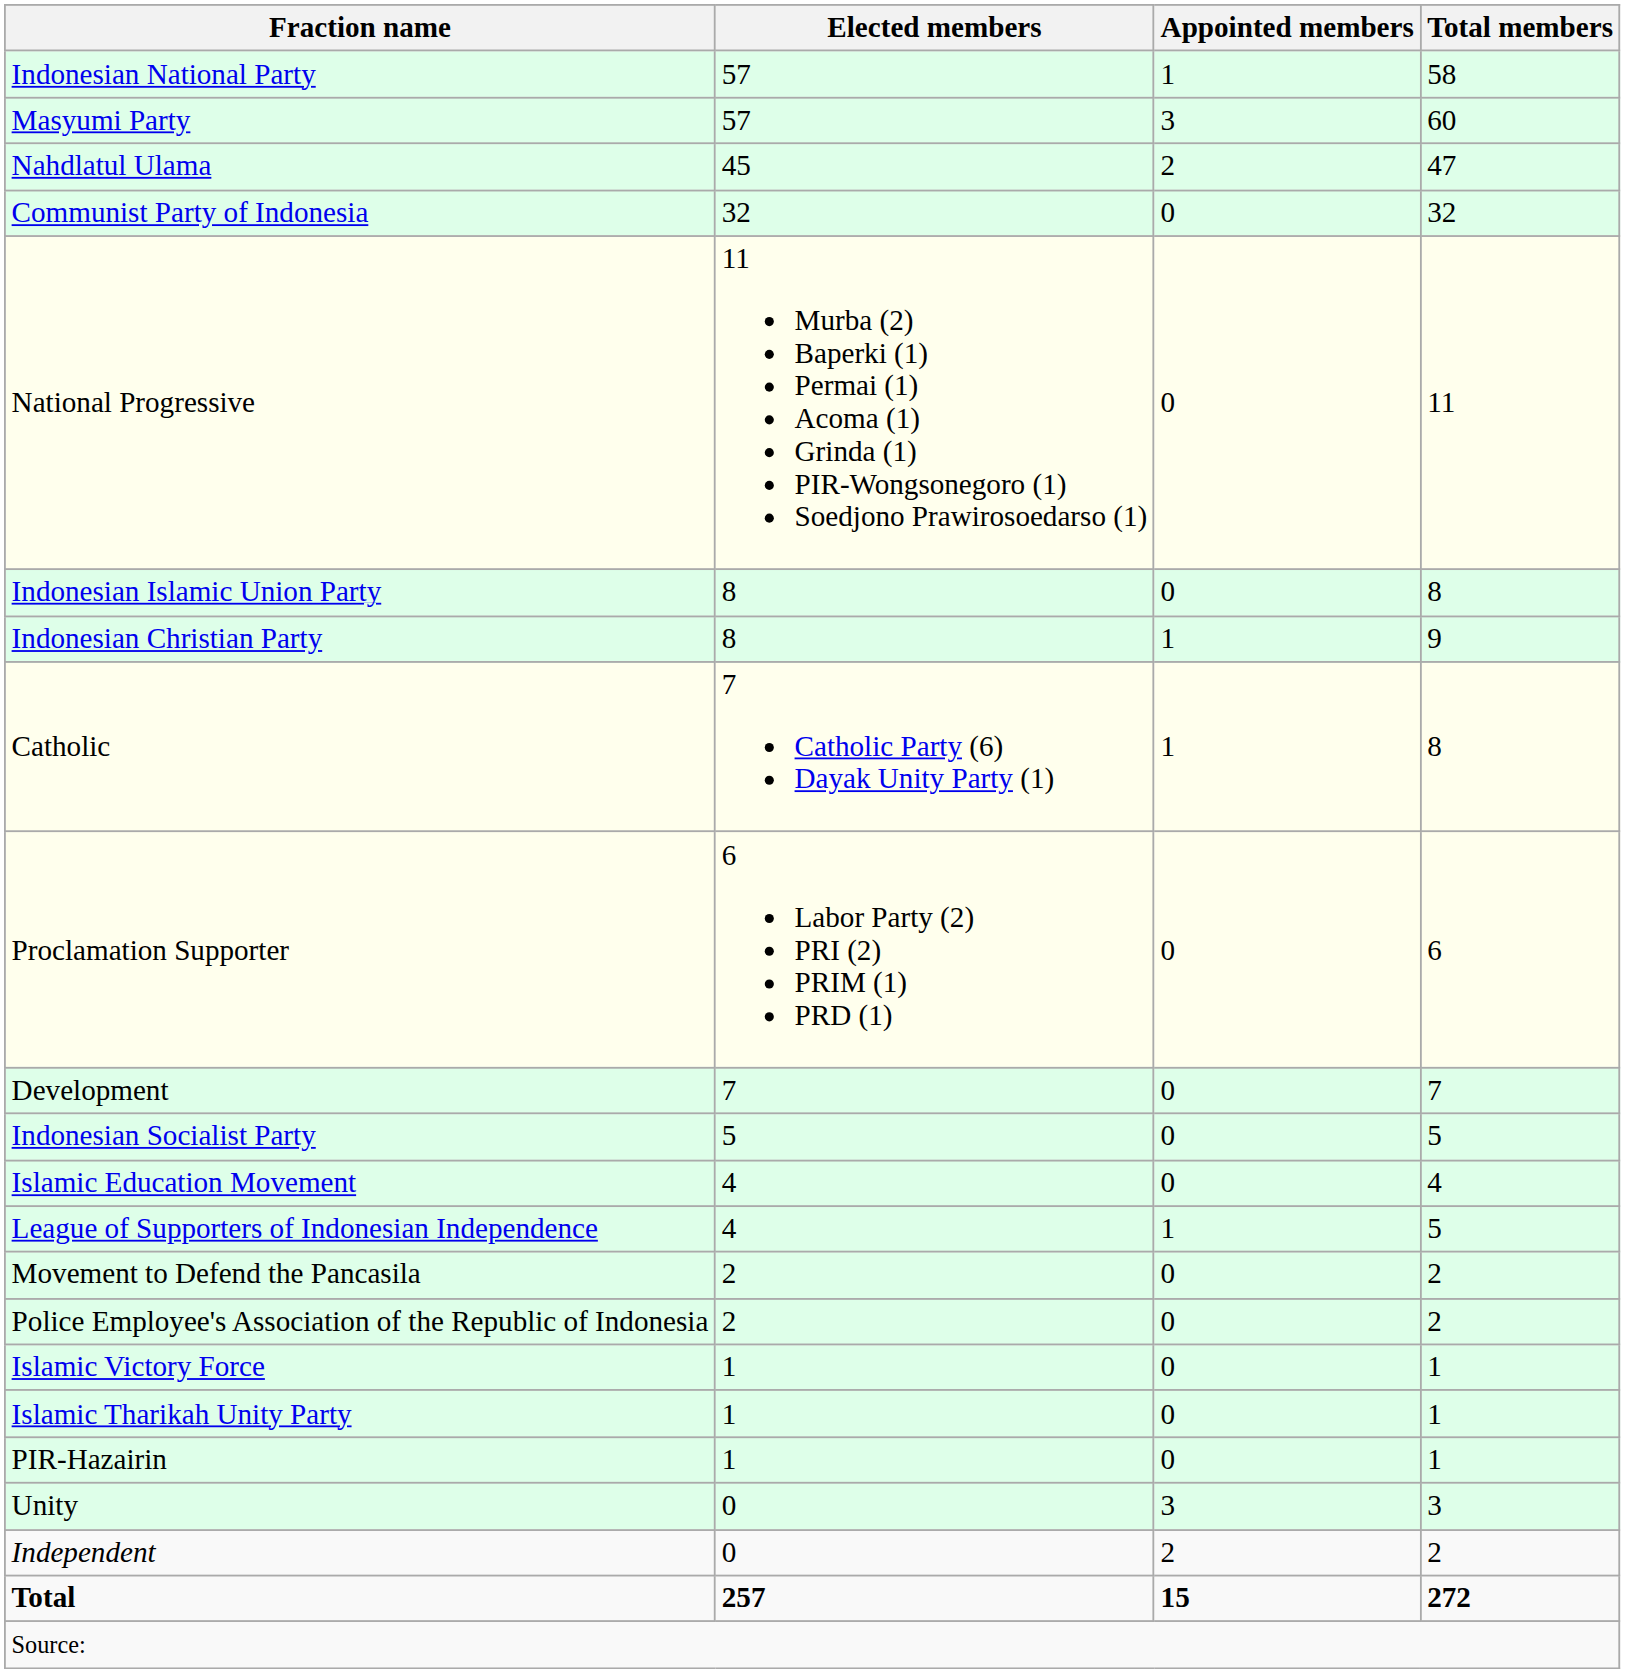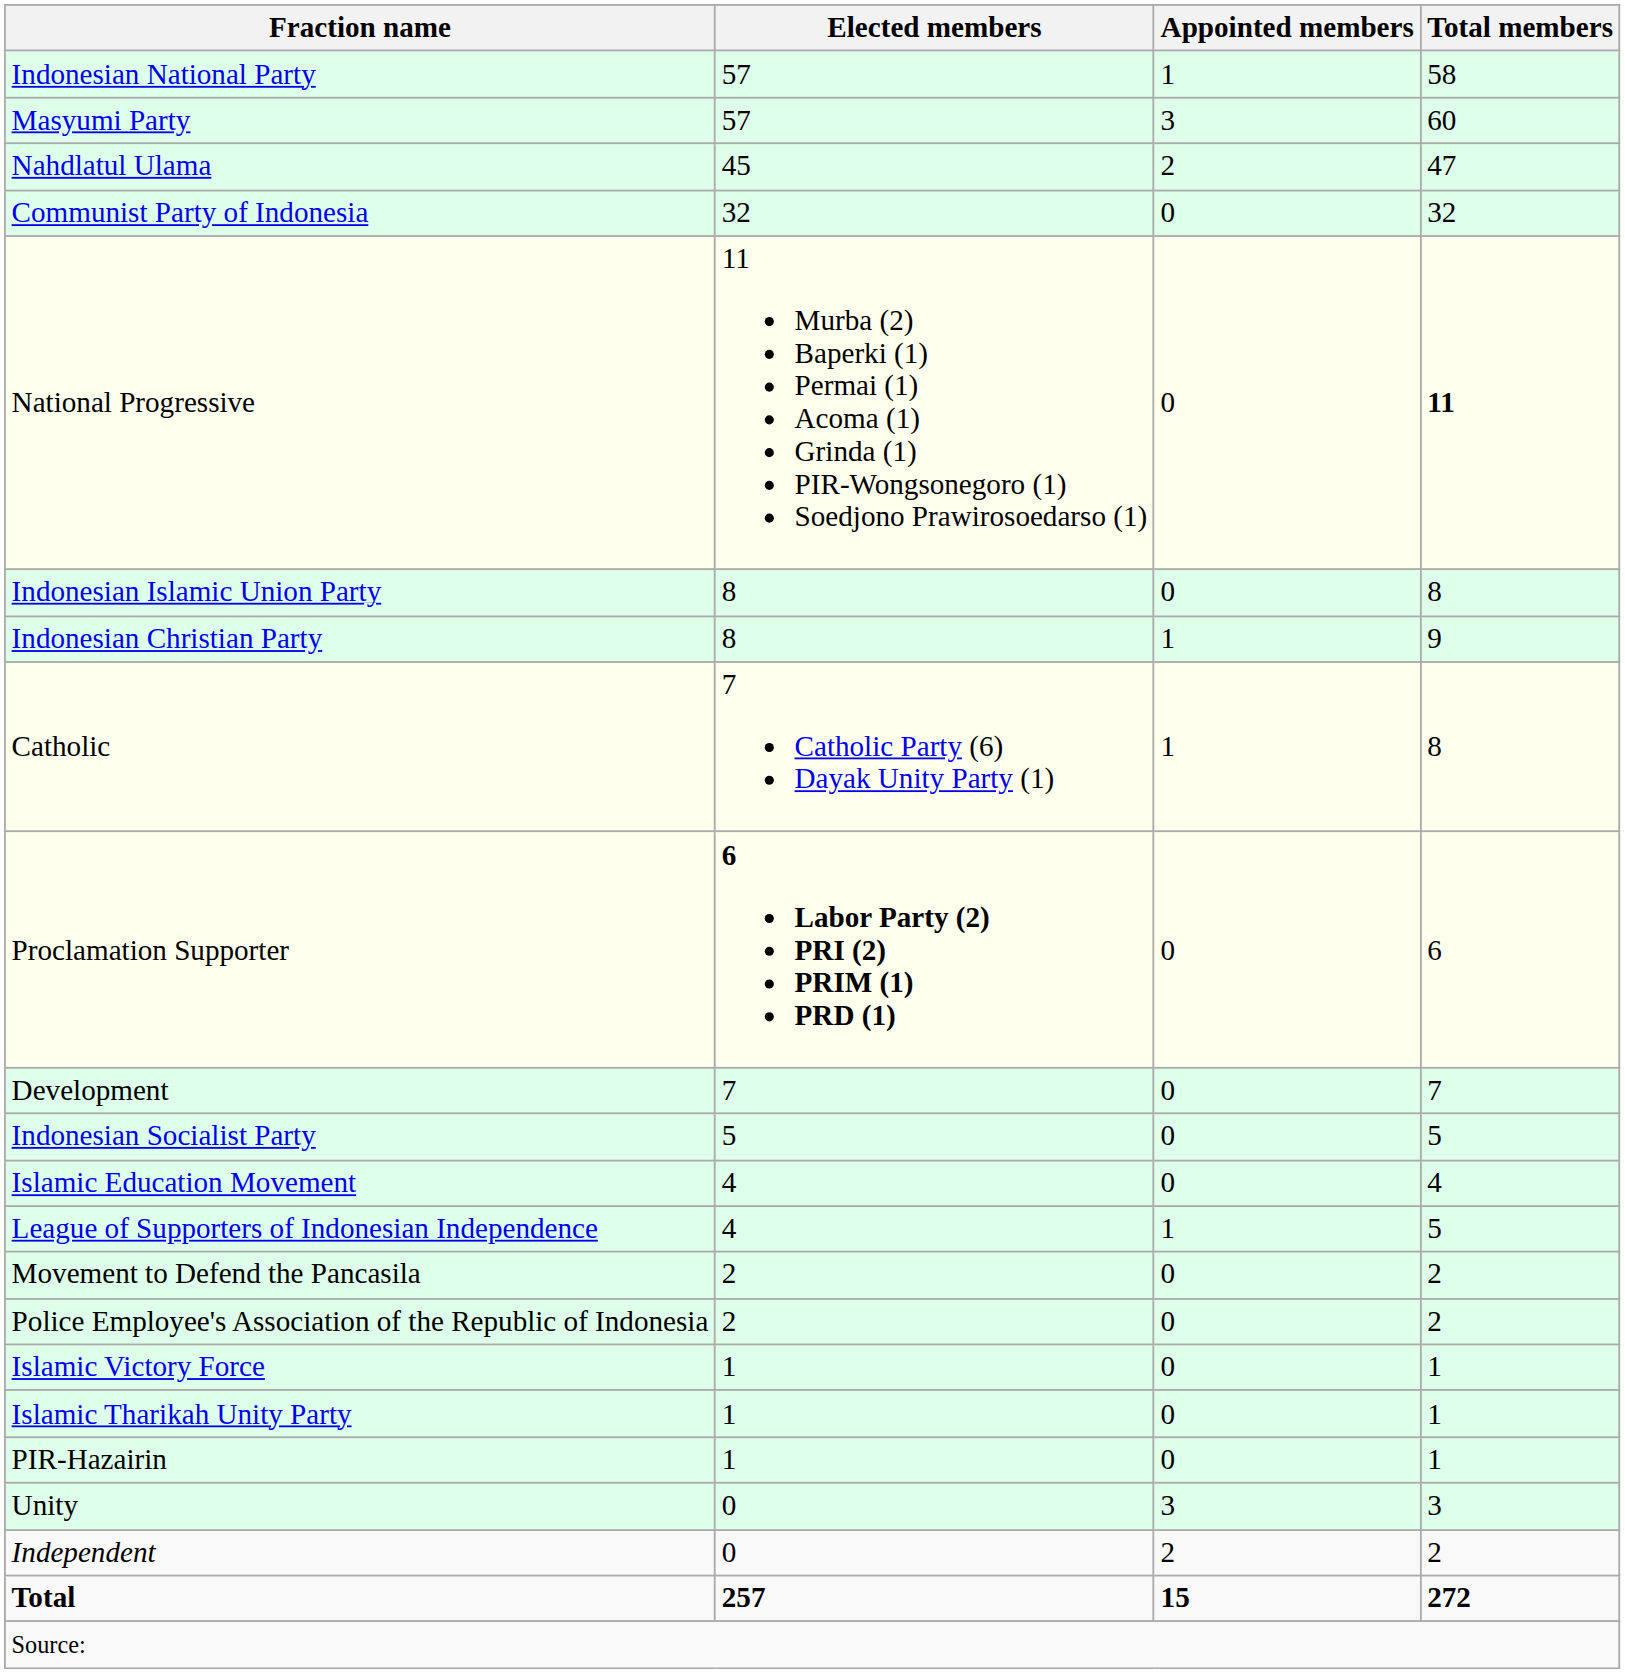 <table class="wikitable sortable">
 <tr>
 <th>Fraction name</th>
 <th>Elected members</th>
 <th>Appointed members</th>
 <th>Total members</th>
 </tr>
 <tr>
 <td style="background-color:#DEFFE9"><a href='#'>Indonesian National Party</a></td>
 <td style="background-color:#DEFFE9">57</td>
 <td style="background-color:#DEFFE9">1</td>
 <td style="background-color:#DEFFE9">58</td>
 </tr>
 <tr>
 <td style="background-color:#DEFFE9"><a href='#'>Masyumi Party</a></td>
 <td style="background-color:#DEFFE9">57</td>
 <td style="background-color:#DEFFE9">3</td>
 <td style="background-color:#DEFFE9">60</td>
 </tr>
 <tr>
 <td style="background-color:#DEFFE9"><a href='#'>Nahdlatul Ulama</a></td>
 <td style="background-color:#DEFFE9">45</td>
 <td style="background-color:#DEFFE9">2</td>
 <td style="background-color:#DEFFE9">47</td>
 </tr>
 <tr>
 <td style="background-color:#DEFFE9"><a href='#'>Communist Party of Indonesia</a></td>
 <td style="background-color:#DEFFE9">32</td>
 <td style="background-color:#DEFFE9">0</td>
 <td style="background-color:#DEFFE9">32</td>
 </tr>
 <tr>
 <td style="background-color:#ffffed">National Progressive</td>
 <td style="background-color:#ffffed">11<br><ul><li>Murba (2)</li><li>Baperki (1)</li><li>Permai (1)</li><li>Acoma (1)</li><li>Grinda (1)</li><li>PIR-Wongsonegoro (1)</li><li>Soedjono Prawirosoedarso (1)</li></ul></td>
 <td style="background-color:#ffffed">0</td>
-<td style="background-color:#ffffed">11</td>
+<td style="background-color:#ffffed"><strong>11</strong></td>
 </tr>
 <tr>
 <td style="background-color:#DEFFE9"><a href='#'>Indonesian Islamic Union Party</a></td>
 <td style="background-color:#DEFFE9">8</td>
 <td style="background-color:#DEFFE9">0</td>
 <td style="background-color:#DEFFE9">8</td>
 </tr>
 <tr>
 <td style="background-color:#DEFFE9"><a href='#'>Indonesian Christian Party</a></td>
 <td style="background-color:#DEFFE9">8</td>
 <td style="background-color:#DEFFE9">1</td>
 <td style="background-color:#DEFFE9">9</td>
 </tr>
 <tr>
 <td style="background-color:#ffffed">Catholic</td>
 <td style="background-color:#ffffed">7<br><ul><li><a href='#'>Catholic Party</a> (6)</li><li><a href='#'>Dayak Unity Party</a> (1)</li></ul></td>
 <td style="background-color:#ffffed">1</td>
 <td style="background-color:#ffffed">8</td>
 </tr>
 <tr>
 <td style="background-color:#ffffed">Proclamation Supporter</td>
-<td style="background-color:#ffffed">6<br><ul><li>Labor Party (2)</li><li>PRI (2)</li><li>PRIM (1)</li><li>PRD (1)</li></ul></td>
+<td style="background-color:#ffffed"><strong>6<br><ul><li>Labor Party (2)</li><li>PRI (2)</li><li>PRIM (1)</li><li>PRD (1)</li></ul></strong></td>
 <td style="background-color:#ffffed">0</td>
 <td style="background-color:#ffffed">6</td>
 </tr>
 <tr>
 <td style="background-color:#DEFFE9">Development</td>
 <td style="background-color:#DEFFE9">7</td>
 <td style="background-color:#DEFFE9">0</td>
 <td style="background-color:#DEFFE9">7</td>
 </tr>
 <tr>
 <td style="background-color:#DEFFE9"><a href='#'>Indonesian Socialist Party</a></td>
 <td style="background-color:#DEFFE9">5</td>
 <td style="background-color:#DEFFE9">0</td>
 <td style="background-color:#DEFFE9">5</td>
 </tr>
 <tr>
 <td style="background-color:#DEFFE9"><a href='#'>Islamic Education Movement</a></td>
 <td style="background-color:#DEFFE9">4</td>
 <td style="background-color:#DEFFE9">0</td>
 <td style="background-color:#DEFFE9">4</td>
 </tr>
 <tr>
 <td style="background-color:#DEFFE9"><a href='#'>League of Supporters of Indonesian Independence</a></td>
 <td style="background-color:#DEFFE9">4</td>
 <td style="background-color:#DEFFE9">1</td>
 <td style="background-color:#DEFFE9">5</td>
 </tr>
 <tr>
 <td style="background-color:#DEFFE9">Movement to Defend the Pancasila</td>
 <td style="background-color:#DEFFE9">2</td>
 <td style="background-color:#DEFFE9">0</td>
 <td style="background-color:#DEFFE9">2</td>
 </tr>
 <tr>
 <td style="background-color:#DEFFE9">Police Employee's Association of the Republic of Indonesia</td>
 <td style="background-color:#DEFFE9">2</td>
 <td style="background-color:#DEFFE9">0</td>
 <td style="background-color:#DEFFE9">2</td>
 </tr>
 <tr>
 <td style="background-color:#DEFFE9"><a href='#'>Islamic Victory Force</a></td>
 <td style="background-color:#DEFFE9">1</td>
 <td style="background-color:#DEFFE9">0</td>
 <td style="background-color:#DEFFE9">1</td>
 </tr>
 <tr>
 <td style="background-color:#DEFFE9"><a href='#'>Islamic Tharikah Unity Party</a></td>
 <td style="background-color:#DEFFE9">1</td>
 <td style="background-color:#DEFFE9">0</td>
 <td style="background-color:#DEFFE9">1</td>
 </tr>
 <tr>
 <td style="background-color:#DEFFE9">PIR-Hazairin</td>
 <td style="background-color:#DEFFE9">1</td>
 <td style="background-color:#DEFFE9">0</td>
 <td style="background-color:#DEFFE9">1</td>
 </tr>
 <tr>
 <td style="background-color:#DEFFE9">Unity</td>
 <td style="background-color:#DEFFE9">0</td>
 <td style="background-color:#DEFFE9">3</td>
 <td style="background-color:#DEFFE9">3</td>
 </tr>
 <tr>
 <td><em>Independent</em></td>
 <td>0</td>
 <td>2</td>
 <td>2</td>
 </tr>
 <tr>
 <td><strong>Total</strong></td>
 <td><strong>257</strong></td>
 <td><strong>15</strong></td>
 <td><strong>272</strong></td>
 </tr>
 <tr>
 <td colspan="4"><small>Source:</small></td>
 </tr>
 </table>
